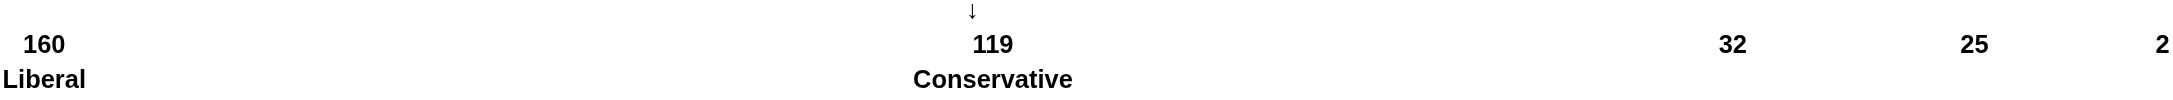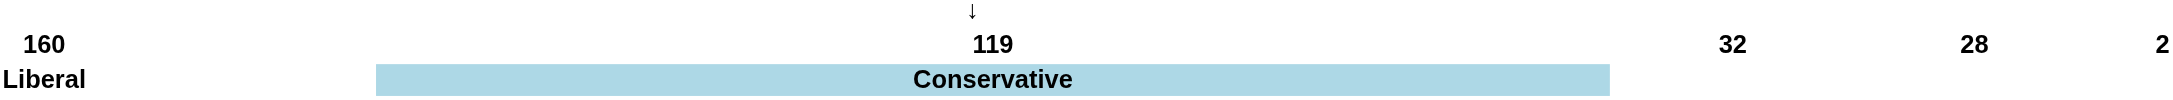 <table style="width:100%; text-align:center; font-weight:bold;">
 <tr>
 <td colspan="10">↓</td>
 </tr>
 <tr style="color:black;">
 <td style="background:">160</td>
 <td style="background:">119</td>
 <td style="background:">32</td>
-<td style="background:">25</td>
+<td style="background:">28</td>
 <td style="background:">2</td>
 </tr>
 <tr>
 <td>Liberal</td>
-<td>Conservative</td>
+<td style="background: lightblue;">Conservative</td>
 <td></td>
 <td></td>
 <td></td>
 </tr>
 </table>
